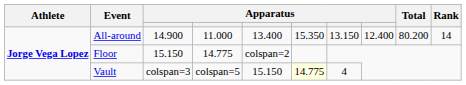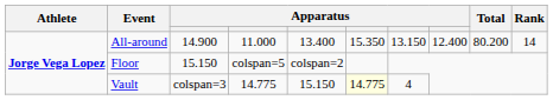 <table class="wikitable" style="font-size:90%">
 <tr>
 <th rowspan=2>Athlete</th>
 <th rowspan=2>Event</th>
 <th colspan=6>Apparatus</th>
 <th rowspan=2>Total</th>
 <th rowspan=2>Rank</th>
 </tr>
 <tr style="font-size:95%">
 <th></th>
 <th></th>
 <th></th>
 <th></th>
 <th></th>
 <th></th>
 </tr>
 <tr align=center>
 <td align=left rowspan=3><strong><a href='#'>Jorge Vega Lopez</a></strong></td>
 <td align=left><a href='#'>All-around</a></td>
 <td>14.900</td>
 <td>11.000</td>
 <td>13.400</td>
 <td>15.350</td>
 <td>13.150</td>
 <td>12.400</td>
 <td>80.200</td>
 <td>14</td>
 </tr>
 <tr align=center>
 <td align=left><a href='#'>Floor</a></td>
 <td>15.150</td>
-<td>14.775</td>
+<td>colspan=5 </td>
 <td>colspan=2 </td>
 <td></td>
 </tr>
 <tr align=center>
 <td align=left><a href='#'>Vault</a></td>
 <td>colspan=3 </td>
-<td>colspan=5 </td>
+<td>14.775</td>
 <td>15.150</td>
 <td style="background: lightyellow;">14.775</td>
 <td>4</td>
 </tr>
 </table>
